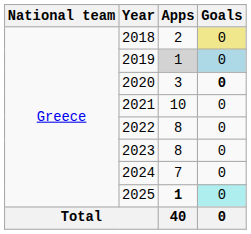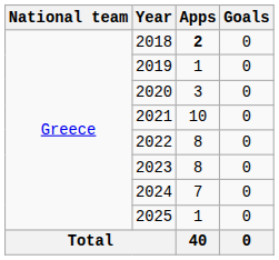 <table class="wikitable" style="text-align: center;">
 <tr>
 <th>National team</th>
 <th>Year</th>
 <th>Apps</th>
 <th>Goals</th>
 </tr>
 <tr>
 <td rowspan="8"><a href='#'>Greece</a></td>
 <td>2018</td>
-<td>2</td>
-<td style="background: khaki;">0</td>
+<td><strong>2</strong></td>
+<td>0</td>
 </tr>
 <tr>
 <td>2019</td>
-<td style="background: lightgrey;">1</td>
-<td style="background: lightblue;">0</td>
+<td>1</td>
+<td>0</td>
 </tr>
 <tr>
 <td>2020</td>
 <td>3</td>
-<td><strong>0</strong></td>
+<td>0</td>
 </tr>
 <tr>
 <td>2021</td>
 <td>10</td>
 <td>0</td>
 </tr>
 <tr>
 <td>2022</td>
 <td>8</td>
 <td>0</td>
 </tr>
 <tr>
 <td>2023</td>
 <td>8</td>
 <td>0</td>
 </tr>
 <tr>
 <td>2024</td>
 <td>7</td>
 <td>0</td>
 </tr>
 <tr>
 <td>2025</td>
-<td><strong>1</strong></td>
-<td style="background: paleturquoise;">0</td>
+<td>1</td>
+<td>0</td>
 </tr>
 <tr>
 <th colspan="2">Total</th>
 <th>40</th>
 <th>0</th>
 </tr>
 </table>
